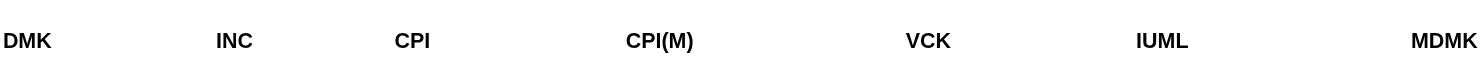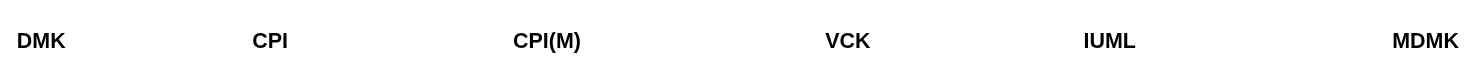 <table style="width:100%; text-align:center;">
 <tr style="color:white;">
 <td style="background:"><strong>22</strong></td>
-<td style="background:"><strong>9</strong></td>
 <td style="background:"><strong>2</strong></td>
 <td style="background:"><strong>2</strong></td>
 <td style="background:"><strong>2</strong></td>
 <td style="background:"><strong>1</strong></td>
 <td style="background:"><strong>1</strong></td>
 </tr>
 <tr>
 <td><span><strong>DMK</strong></span></td>
-<td><span><strong>INC</strong></span></td>
 <td><span><strong>CPI</strong></span></td>
 <td><span><strong>CPI(M)</strong></span></td>
 <td><span><strong>VCK</strong></span></td>
 <td><span><strong>IUML</strong></span></td>
 <td><span><strong>MDMK</strong></span></td>
 </tr>
 </table>
